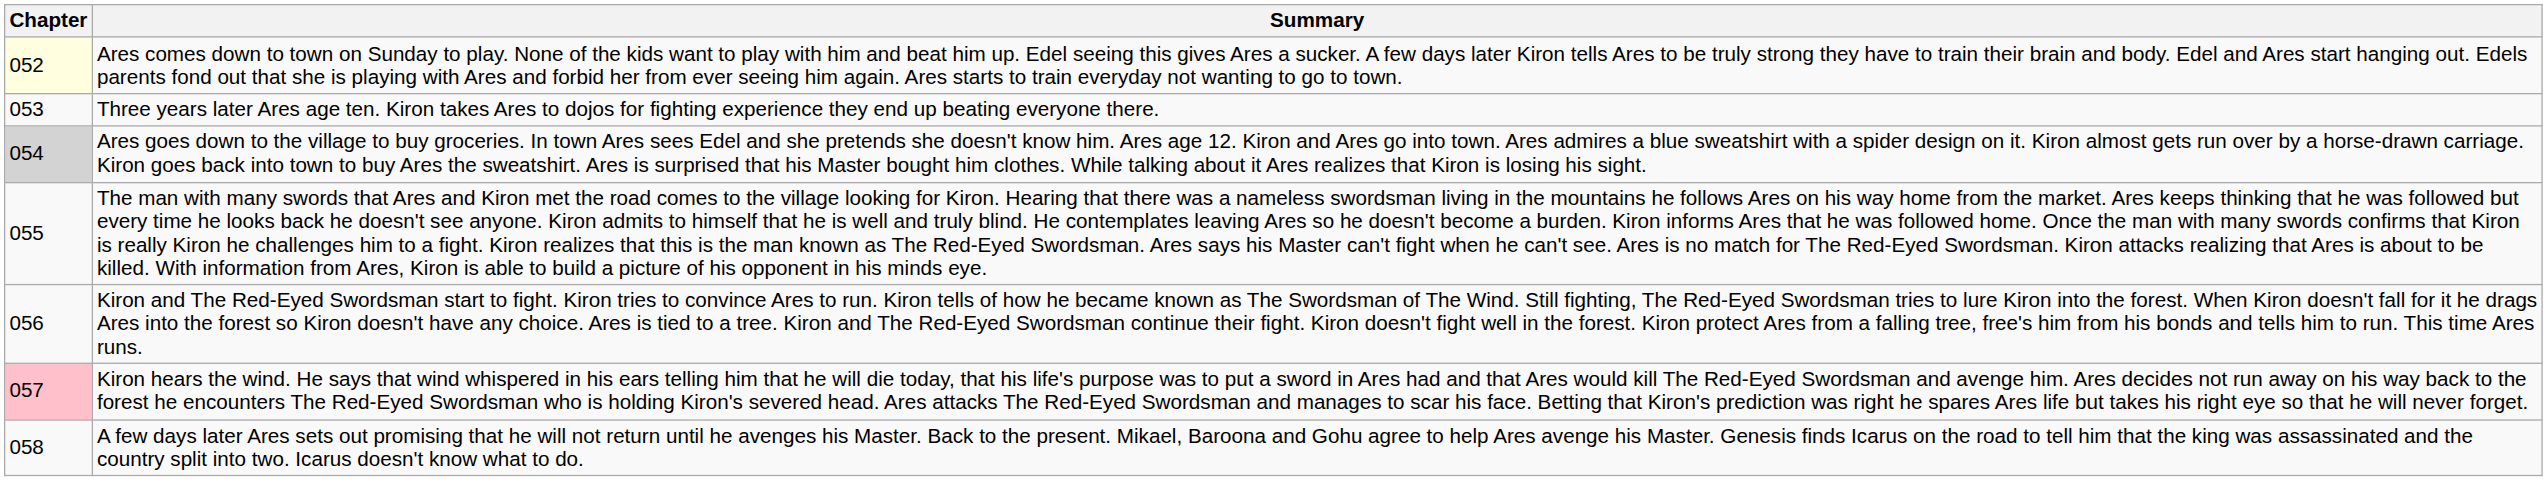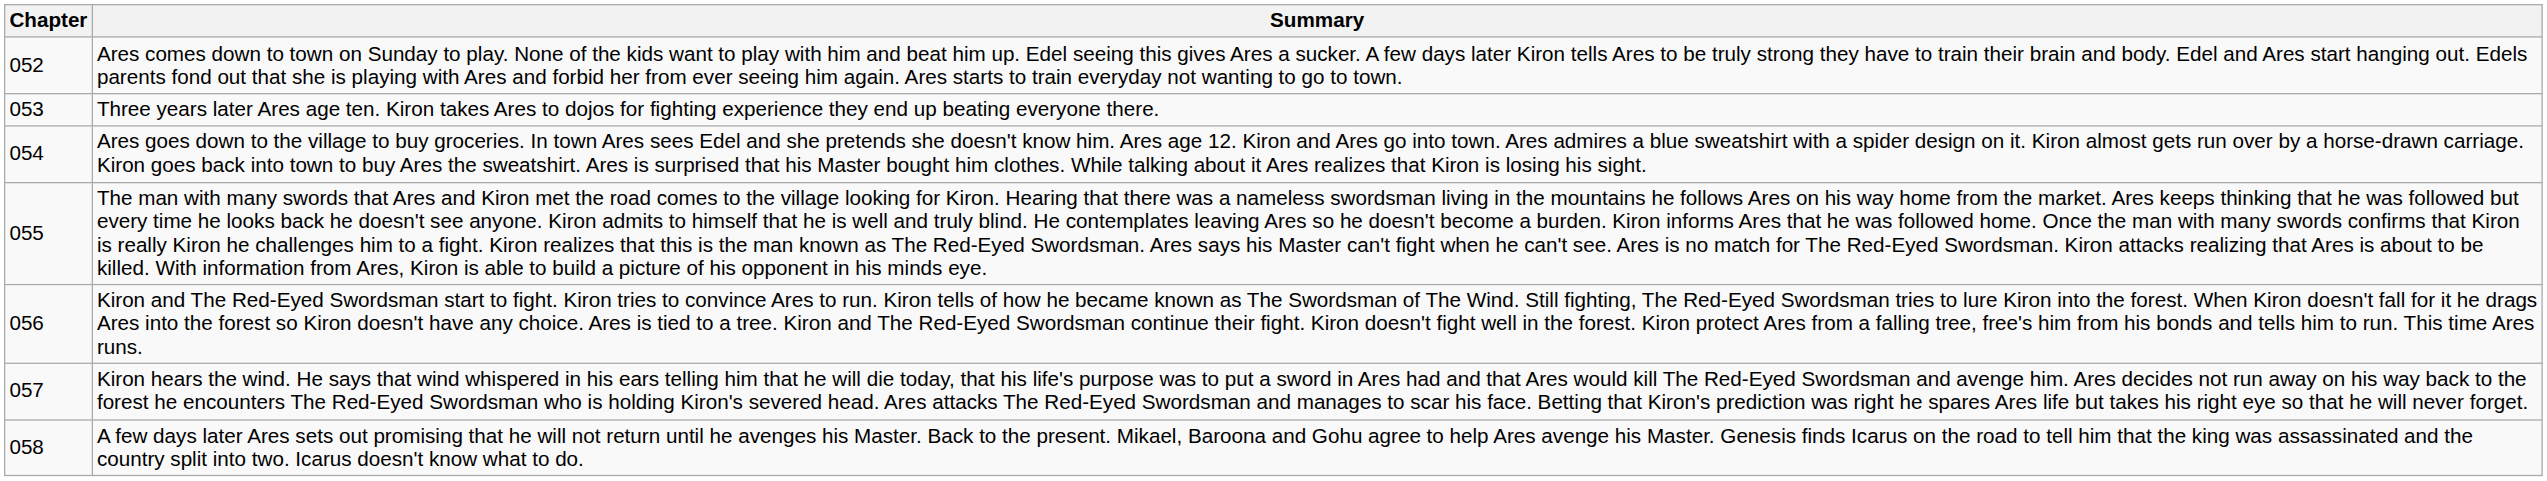 <table class="wikitable">
 <tr>
 <th>Chapter</th>
 <th>Summary</th>
 </tr>
 <tr>
-<td style="background: lightyellow;">052</td>
+<td>052</td>
 <td>Ares comes down to town on Sunday to play. None of the kids want to play with him and beat him up. Edel seeing this gives Ares a sucker. A few days later Kiron tells Ares to be truly strong they have to train their brain and body. Edel and Ares start hanging out. Edels parents fond out that she is playing with Ares and forbid her from ever seeing him again. Ares starts to train everyday not wanting to go to town.</td>
 </tr>
 <tr>
 <td>053</td>
 <td>Three years later Ares age ten. Kiron takes Ares to dojos for fighting experience they end up beating everyone there.</td>
 </tr>
 <tr>
-<td style="background: lightgrey;">054</td>
+<td>054</td>
 <td>Ares goes down to the village to buy groceries. In town Ares sees Edel and she pretends she doesn't know him. Ares age 12. Kiron and Ares go into town. Ares admires a blue sweatshirt with a spider design on it. Kiron almost gets run over by a horse-drawn carriage. Kiron goes back into town to buy Ares the sweatshirt. Ares is surprised that his Master bought him clothes. While talking about it Ares realizes that Kiron is losing his sight.</td>
 </tr>
 <tr>
 <td>055</td>
 <td>The man with many swords that Ares and Kiron met the road comes to the village looking for Kiron. Hearing that there was a nameless swordsman living in the mountains he follows Ares on his way home from the market. Ares keeps thinking that he was followed but every time he looks back he doesn't see anyone. Kiron admits to himself that he is well and truly blind. He contemplates leaving Ares so he doesn't become a burden. Kiron informs Ares that he was followed home. Once the man with many swords confirms that Kiron is really Kiron he challenges him to a fight. Kiron realizes that this is the man known as The Red-Eyed Swordsman. Ares says his Master can't fight when he can't see. Ares is no match for The Red-Eyed Swordsman. Kiron attacks realizing that Ares is about to be killed. With information from Ares, Kiron is able to build a picture of his opponent in his minds eye.</td>
 </tr>
 <tr>
 <td>056</td>
 <td>Kiron and The Red-Eyed Swordsman start to fight. Kiron tries to convince Ares to run. Kiron tells of how he became known as The Swordsman of The Wind. Still fighting, The Red-Eyed Swordsman tries to lure Kiron into the forest. When Kiron doesn't fall for it he drags Ares into the forest so Kiron doesn't have any choice. Ares is tied to a tree. Kiron and The Red-Eyed Swordsman continue their fight. Kiron doesn't fight well in the forest. Kiron protect Ares from a falling tree, free's him from his bonds and tells him to run. This time Ares runs.</td>
 </tr>
 <tr>
-<td style="background: pink;">057</td>
+<td>057</td>
 <td>Kiron hears the wind. He says that wind whispered in his ears telling him that he will die today, that his life's purpose was to put a sword in Ares had and that Ares would kill The Red-Eyed Swordsman and avenge him. Ares decides not run away on his way back to the forest he encounters The Red-Eyed Swordsman who is holding Kiron's severed head. Ares attacks The Red-Eyed Swordsman and manages to scar his face. Betting that Kiron's prediction was right he spares Ares life but takes his right eye so that he will never forget.</td>
 </tr>
 <tr>
 <td>058</td>
 <td>A few days later Ares sets out promising that he will not return until he avenges his Master. Back to the present. Mikael, Baroona and Gohu agree to help Ares avenge his Master. Genesis finds Icarus on the road to tell him that the king was assassinated and the country split into two. Icarus doesn't know what to do.</td>
 </tr>
 </table>
